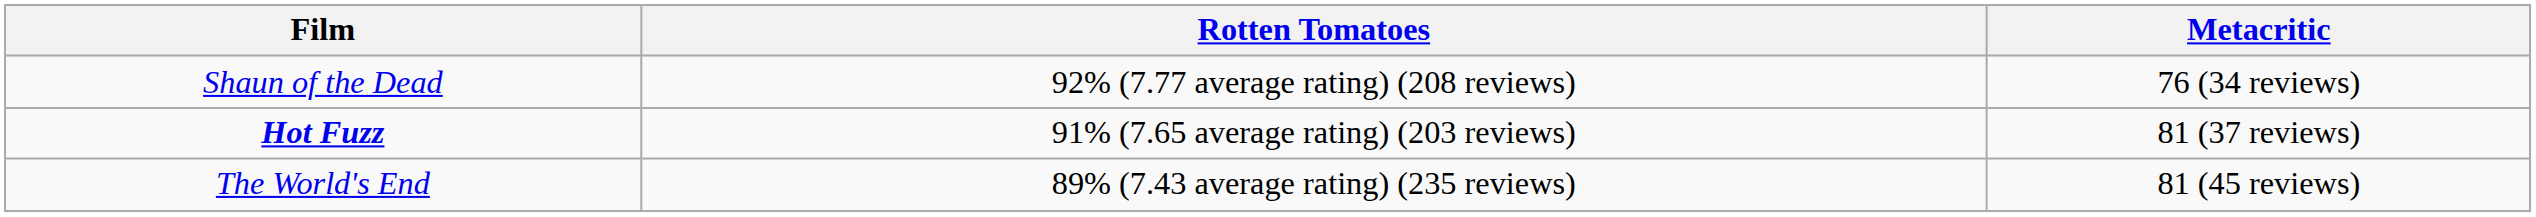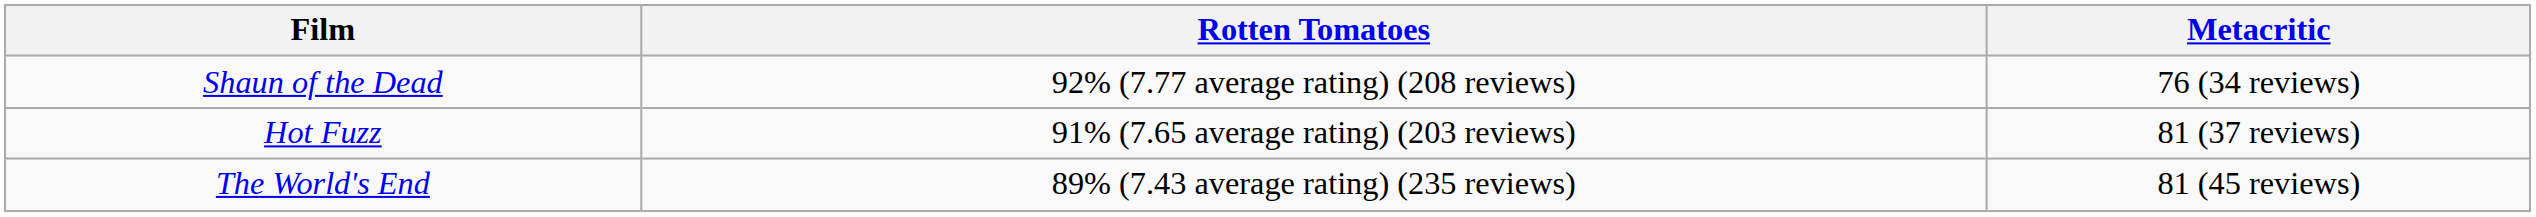 <table class="wikitable sortable" width=99% style="text-align: center;">
 <tr>
 <th>Film</th>
 <th><a href='#'>Rotten Tomatoes</a></th>
 <th><a href='#'>Metacritic</a></th>
 </tr>
 <tr>
 <td scope="row"><em><a href='#'>Shaun of the Dead</a></em></td>
 <td>92% (7.77 average rating) (208 reviews)</td>
 <td>76 (34 reviews)</td>
 </tr>
 <tr>
-<td scope="row"><strong><em><a href='#'>Hot Fuzz</a></em></strong></td>
+<td scope="row"><em><a href='#'>Hot Fuzz</a></em></td>
 <td>91% (7.65 average rating) (203 reviews)</td>
 <td>81 (37 reviews)</td>
 </tr>
 <tr>
 <td scope="row"><em><a href='#'>The World's End</a></em></td>
 <td>89% (7.43 average rating) (235 reviews)</td>
 <td>81 (45 reviews)</td>
 </tr>
 </table>
